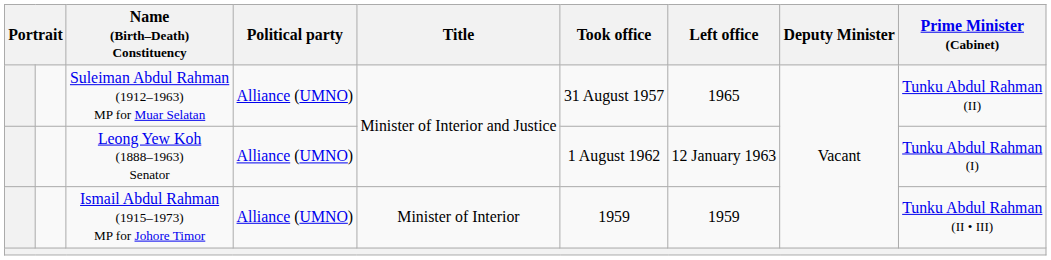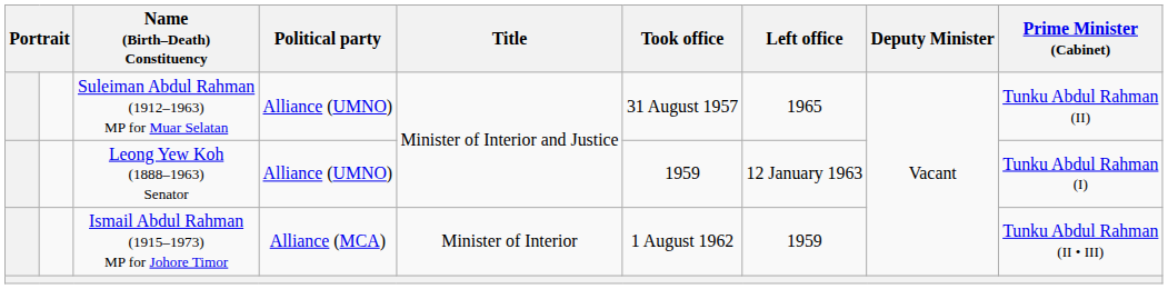 <table class="wikitable" style="text-align:center;">
 <tr>
 <th colspan=2>Portrait</th>
 <th>Name<br><small>(Birth–Death)<br>Constituency</small></th>
 <th>Political party</th>
 <th>Title</th>
 <th>Took office</th>
 <th>Left office</th>
 <th>Deputy Minister</th>
 <th><a href='#'>Prime Minister</a><br><small>(Cabinet)</small></th>
 </tr>
 <tr>
 <th style="background:"></th>
 <td></td>
 <td><a href='#'>Suleiman Abdul Rahman</a><br><small>(1912–1963)<br>MP for <a href='#'>Muar Selatan</a></small></td>
 <td><a href='#'>Alliance</a> (<a href='#'>UMNO</a>)</td>
 <td rowspan=2>Minister of Interior and Justice</td>
 <td>31 August 1957</td>
 <td>1965</td>
 <td rowspan="3">Vacant</td>
 <td><a href='#'>Tunku Abdul Rahman</a><br><small>(II)</small></td>
 </tr>
 <tr>
 <th style="background:"></th>
 <td></td>
 <td><a href='#'>Leong Yew Koh</a><br><small>(1888–1963)<br>Senator</small></td>
 <td><a href='#'>Alliance</a> (<a href='#'>UMNO</a>)</td>
-<td>1 August 1962</td>
+<td>1959</td>
 <td>12 January 1963</td>
 <td><a href='#'>Tunku Abdul Rahman</a><br><small>(I)</small></td>
 </tr>
 <tr>
 <th style="background:"></th>
 <td></td>
 <td><a href='#'>Ismail Abdul Rahman</a><br><small>(1915–1973)<br>MP for <a href='#'>Johore Timor</a></small></td>
-<td><a href='#'>Alliance</a> (<a href='#'>UMNO</a>)</td>
+<td><a href='#'>Alliance</a> (<a href='#'>MCA</a>)</td>
 <td>Minister of Interior</td>
-<td>1959</td>
+<td>1 August 1962</td>
 <td>1959</td>
 <td><a href='#'>Tunku Abdul Rahman</a><br><small>(II •  III)</small></td>
 </tr>
 <tr>
 <th colspan="9" bgcolor="cccccc"></th>
 </tr>
 </table>
